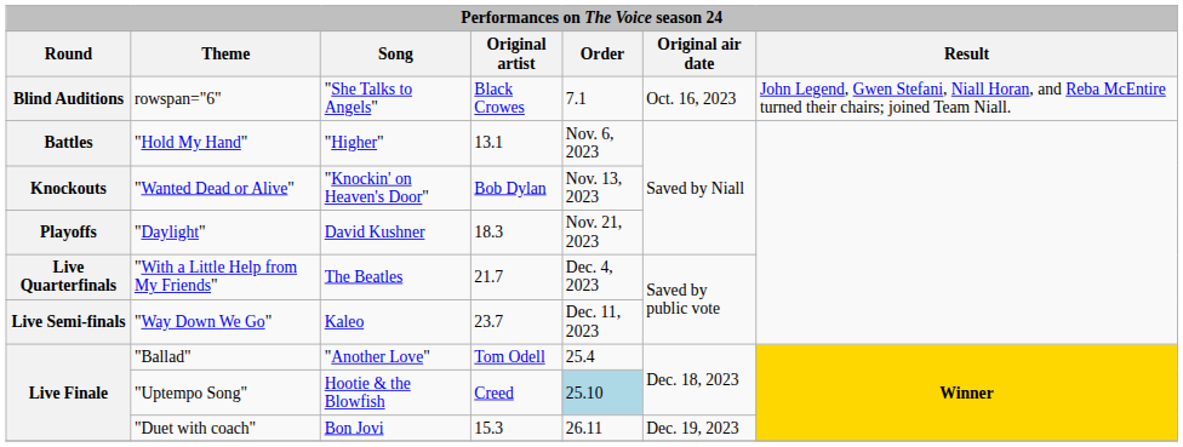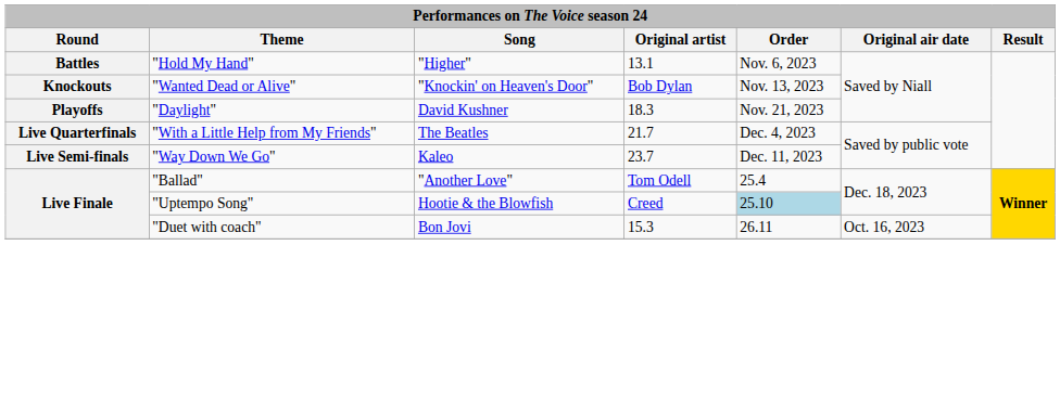 <table class="wikitable collapsible autocollapse" style="width:90%; margin:1em auto 1em auto;">
 <tr>
 <th colspan="7" style="background:#BFBFBF;">Performances on <em>The Voice</em> season 24</th>
 </tr>
 <tr>
 <th>Round</th>
 <th>Theme</th>
 <th>Song</th>
 <th>Original artist</th>
 <th>Order</th>
 <th>Original air date</th>
 <th>Result</th>
-</tr>
-<tr>
-<th scope="row">Blind Auditions</th>
-<td>rowspan="6" </td>
-<td>"<a href='#'>She Talks to Angels</a>"</td>
-<td><a href='#'>Black Crowes</a></td>
-<td>7.1</td>
-<td>Oct. 16, 2023</td>
-<td><a href='#'>John Legend</a>, <a href='#'>Gwen Stefani</a>, <a href='#'>Niall Horan</a>, and <a href='#'>Reba McEntire</a> turned their chairs; joined Team Niall.</td>
 </tr>
 <tr>
 <th scope="row">Battles<br></th>
 <td>"<a href='#'>Hold My Hand</a>" </td>
 <td>"<a href='#'>Higher</a>"</td>
 <td>13.1</td>
 <td>Nov. 6, 2023</td>
 <td rowspan="3">Saved by Niall</td>
 </tr>
 <tr>
 <th scope="row">Knockouts<br></th>
 <td>"<a href='#'>Wanted Dead or Alive</a>" </td>
 <td>"<a href='#'>Knockin' on Heaven's Door</a>" </td>
 <td><a href='#'>Bob Dylan</a></td>
 <td>Nov. 13, 2023</td>
 </tr>
 <tr>
 <th scope="row">Playoffs<br></th>
 <td>"<a href='#'>Daylight</a>"</td>
 <td><a href='#'>David Kushner</a></td>
 <td>18.3</td>
 <td>Nov. 21, 2023</td>
 </tr>
 <tr>
 <th scope="row">Live Quarterfinals<br></th>
 <td>"<a href='#'>With a Little Help from My Friends</a>"</td>
 <td><a href='#'>The Beatles</a></td>
 <td>21.7</td>
 <td>Dec. 4, 2023</td>
 <td rowspan="2">Saved by public vote</td>
 </tr>
 <tr>
 <th scope="row">Live Semi-finals<br></th>
 <td>"<a href='#'>Way Down We Go</a>"</td>
 <td><a href='#'>Kaleo</a></td>
 <td>23.7</td>
 <td>Dec. 11, 2023</td>
 </tr>
 <tr>
 <th rowspan=3>Live Finale<br></th>
 <td>"Ballad"</td>
 <td>"<a href='#'>Another Love</a>"</td>
 <td><a href='#'>Tom Odell</a></td>
 <td>25.4</td>
 <td rowspan="2">Dec. 18, 2023</td>
 <th rowspan=3 style="background:gold;">Winner</th>
 </tr>
 <tr>
 <td>"Uptempo Song"</td>
 <td><a href='#'>Hootie & the Blowfish</a></td>
 <td><a href='#'>Creed</a></td>
 <td style="background: lightblue;">25.10</td>
 </tr>
 <tr>
 <td>"Duet with coach"</td>
 <td><a href='#'>Bon Jovi</a></td>
 <td>15.3</td>
 <td>26.11</td>
-<td>Dec. 19, 2023</td>
+<td>Oct. 16, 2023</td>
 </tr>
 <tr>
 </tr>
 </table>
